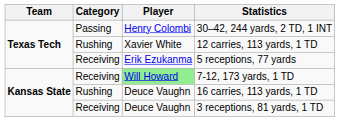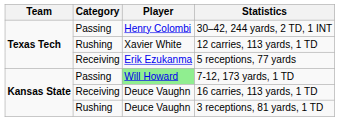 <table class="wikitable" style="float: right;">
 <tr>
 <th>Team</th>
 <th>Category</th>
 <th>Player</th>
 <th>Statistics</th>
 </tr>
 <tr>
 <td rowspan=3><strong>Texas Tech</strong></td>
 <td>Passing</td>
 <td><a href='#'>Henry Colombi</a></td>
 <td>30–42, 244 yards, 2 TD, 1 INT</td>
 </tr>
 <tr>
 <td>Rushing</td>
 <td>Xavier White</td>
 <td>12 carries, 113 yards, 1 TD</td>
 </tr>
 <tr>
 <td>Receiving</td>
 <td><a href='#'>Erik Ezukanma</a></td>
 <td>5 receptions, 77 yards</td>
 </tr>
 <tr>
 <td rowspan=3><strong>Kansas State</strong></td>
-<td>Receiving</td>
+<td>Passing</td>
 <td style="background: lightgreen;"><a href='#'>Will Howard</a></td>
 <td>7-12, 173 yards, 1 TD</td>
 </tr>
 <tr>
-<td>Rushing</td>
+<td>Receiving</td>
 <td>Deuce Vaughn</td>
 <td>16 carries, 113 yards, 1 TD</td>
 </tr>
 <tr>
-<td>Receiving</td>
+<td>Rushing</td>
 <td>Deuce Vaughn</td>
 <td>3 receptions, 81 yards, 1 TD</td>
 </tr>
 </table>
